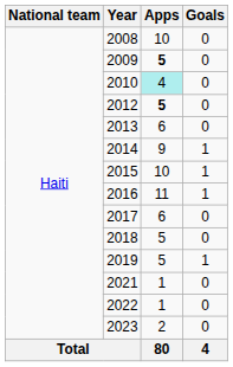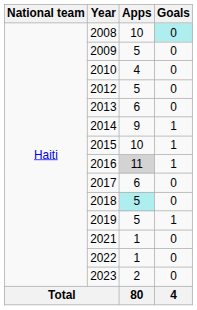 <table class="wikitable" style="text-align:center">
 <tr>
 <th>National team</th>
 <th>Year</th>
 <th>Apps</th>
 <th>Goals</th>
 </tr>
 <tr>
 <td rowspan="14"><a href='#'>Haiti</a></td>
 <td>2008</td>
 <td>10</td>
-<td>0</td>
+<td style="background: paleturquoise;">0</td>
 </tr>
 <tr>
 <td>2009</td>
-<td><strong>5</strong></td>
+<td>5</td>
 <td>0</td>
 </tr>
 <tr>
 <td>2010</td>
-<td style="background: paleturquoise;">4</td>
+<td>4</td>
 <td>0</td>
 </tr>
 <tr>
 <td>2012</td>
-<td><strong>5</strong></td>
+<td>5</td>
 <td>0</td>
 </tr>
 <tr>
 <td>2013</td>
 <td>6</td>
 <td>0</td>
 </tr>
 <tr>
 <td>2014</td>
 <td>9</td>
 <td>1</td>
 </tr>
 <tr>
 <td>2015</td>
 <td>10</td>
 <td>1</td>
 </tr>
 <tr>
 <td>2016</td>
-<td>11</td>
+<td style="background: lightgrey;">11</td>
 <td>1</td>
 </tr>
 <tr>
 <td>2017</td>
 <td>6</td>
 <td>0</td>
 </tr>
 <tr>
 <td>2018</td>
-<td>5</td>
+<td style="background: paleturquoise;">5</td>
 <td>0</td>
 </tr>
 <tr>
 <td>2019</td>
 <td>5</td>
 <td>1</td>
 </tr>
 <tr>
 <td>2021</td>
 <td>1</td>
 <td>0</td>
 </tr>
 <tr>
 <td>2022</td>
 <td>1</td>
 <td>0</td>
 </tr>
 <tr>
 <td>2023</td>
 <td>2</td>
 <td>0</td>
 </tr>
 <tr>
 <th colspan="2">Total</th>
 <th>80</th>
 <th>4</th>
 </tr>
 </table>
